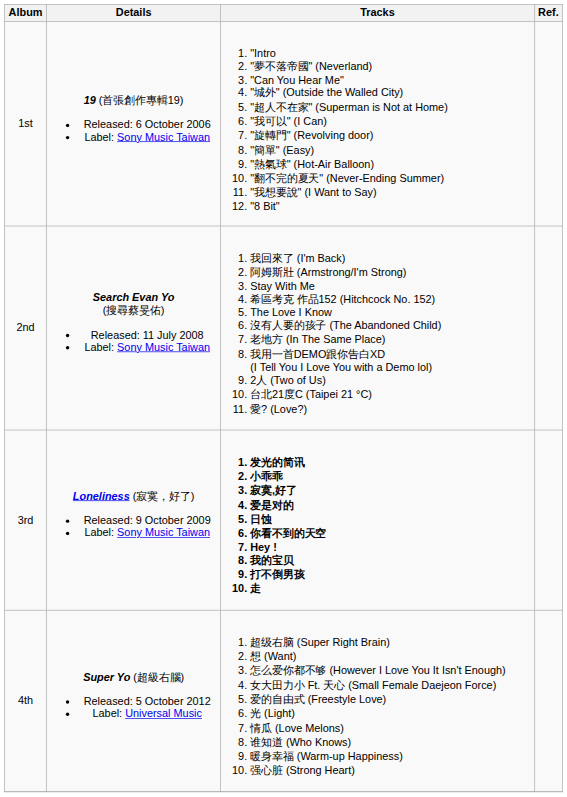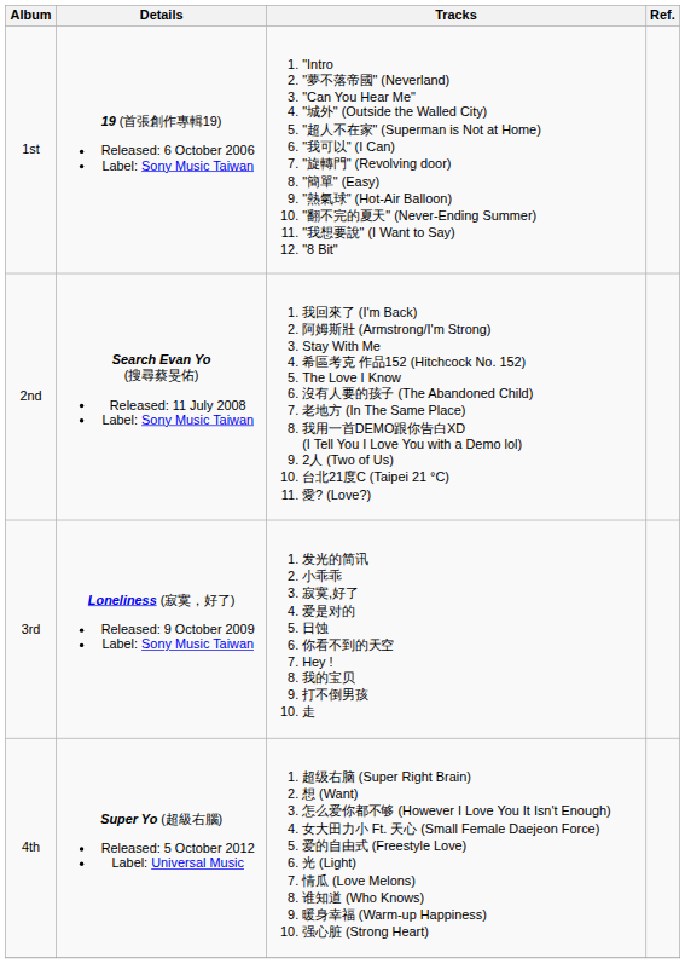 <table class="wikitable" style="text-align:center" width=65%>
 <tr>
 <th>Album</th>
 <th>Details</th>
 <th>Tracks</th>
 <th>Ref.</th>
 </tr>
 <tr>
 <td>1st</td>
 <td><strong><em>19</em></strong> (首張創作專輯19)<br><ul><li>Released: 6 October 2006</li><li>Label: <a href='#'>Sony Music Taiwan</a></li></ul></td>
 <td align="left"><br><ol><li>"Intro</li><li>"夢不落帝國" (Neverland)</li><li>"Can You Hear Me"</li><li>"城外" (Outside the Walled City)</li><li>"超人不在家" (Superman is Not at Home)</li><li>"我可以" (I Can)</li><li>"旋轉門" (Revolving door)</li><li>"簡單" (Easy)</li><li>"熱氣球" (Hot-Air Balloon)</li><li>"翻不完的夏天" (Never-Ending Summer)</li><li>"我想要說" (I Want to Say)</li><li>"8 Bit"</li></ol></td>
 <td></td>
 </tr>
 <tr>
 <td>2nd</td>
 <td><strong><em>Search Evan Yo</em></strong> <br>(搜尋蔡旻佑)<br><ul><li>Released: 11 July 2008</li><li>Label: <a href='#'>Sony Music Taiwan</a></li></ul></td>
 <td align="left"><br><ol><li>我回來了 (I'm Back)</li><li>阿姆斯壯 (Armstrong/I'm Strong)</li><li>Stay With Me</li><li>希區考克 作品152 (Hitchcock No. 152)</li><li>The Love I Know</li><li>沒有人要的孩子 (The Abandoned Child)</li><li>老地方 (In The Same Place)</li><li>我用一首DEMO跟你告白XD <br>(I Tell You I Love You with a Demo lol)</li><li>2人 (Two of Us)</li><li>台北21度C (Taipei 21 °C)</li><li>愛? (Love?)</li></ol></td>
 <td></td>
 </tr>
 <tr>
 <td>3rd</td>
 <td><strong><em><a href='#'>Loneliness</a></em></strong> (寂寞，好了)<br><ul><li>Released: 9 October 2009</li><li>Label: <a href='#'>Sony Music Taiwan</a></li></ul></td>
-<td align="left"><strong><br><ol><li>发光的简讯</li><li>小乖乖</li><li>寂寞,好了</li><li>爱是对的</li><li>日蚀</li><li>你看不到的天空</li><li>Hey !</li><li>我的宝贝</li><li>打不倒男孩</li><li>走</li></ol></strong></td>
+<td align="left"><br><ol><li>发光的简讯</li><li>小乖乖</li><li>寂寞,好了</li><li>爱是对的</li><li>日蚀</li><li>你看不到的天空</li><li>Hey !</li><li>我的宝贝</li><li>打不倒男孩</li><li>走</li></ol></td>
 <td></td>
 </tr>
 <tr>
 <td>4th</td>
 <td><strong><em>Super Yo</em></strong> (超級右腦)<br><ul><li>Released: 5 October 2012</li><li>Label: <a href='#'>Universal Music</a></li></ul></td>
 <td align="left"><br><ol><li>超级右脑 (Super Right Brain)</li><li>想 (Want)</li><li>怎么爱你都不够 (However I Love You It Isn't Enough)</li><li>女大田力小 Ft. 天心 (Small Female Daejeon Force)</li><li>爱的自由式 (Freestyle Love)</li><li>光 (Light)</li><li>情瓜 (Love Melons)</li><li>谁知道 (Who Knows)</li><li>暖身幸福 (Warm-up Happiness)</li><li>强心脏 (Strong Heart)</li></ol></td>
 <td></td>
 </tr>
 <tr>
 </tr>
 </table>
